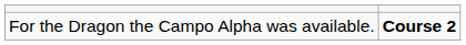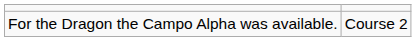 <table class="wikitable" style="text-align:center;">
 <tr>
 <td></td>
 <td></td>
 </tr>
 <tr>
 <td>For the Dragon the Campo Alpha was available.</td>
-<td><strong>Course 2</strong></td>
+<td>Course 2</td>
 </tr>
 </table>
